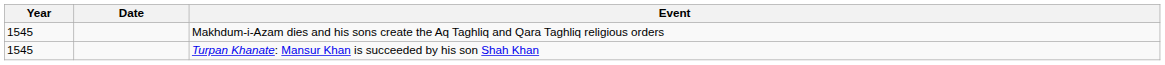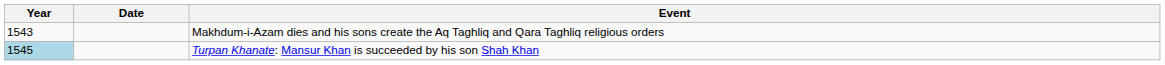 <table class="wikitable" width="100%">
 <tr>
 <th style="width:6%">Year</th>
 <th style="width:10%">Date</th>
 <th>Event</th>
 </tr>
 <tr>
-<td>1545</td>
+<td>1543</td>
 <td></td>
 <td>Makhdum-i-Azam dies and his sons create the Aq Taghliq and Qara Taghliq religious orders</td>
 </tr>
 <tr>
-<td>1545</td>
+<td style="background: lightblue;">1545</td>
 <td></td>
 <td><em><a href='#'>Turpan Khanate</a></em>: <a href='#'>Mansur Khan</a> is succeeded by his son <a href='#'>Shah Khan</a></td>
 </tr>
 </table>
